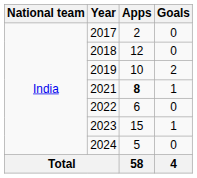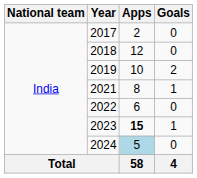 <table class="wikitable" style="text-align: center;">
 <tr>
 <th>National team</th>
 <th>Year</th>
 <th>Apps</th>
 <th>Goals</th>
 </tr>
 <tr>
 <td rowspan="7"><a href='#'>India</a></td>
 <td>2017</td>
 <td>2</td>
 <td>0</td>
 </tr>
 <tr>
 <td>2018</td>
 <td>12</td>
 <td>0</td>
 </tr>
 <tr>
 <td>2019</td>
 <td>10</td>
 <td>2</td>
 </tr>
 <tr>
 <td>2021</td>
-<td><strong>8</strong></td>
+<td>8</td>
 <td>1</td>
 </tr>
 <tr>
 <td>2022</td>
 <td>6</td>
 <td>0</td>
 </tr>
 <tr>
 <td>2023</td>
-<td>15</td>
+<td><strong>15</strong></td>
 <td>1</td>
 </tr>
 <tr>
 <td>2024</td>
-<td>5</td>
+<td style="background: lightblue;">5</td>
 <td>0</td>
 </tr>
 <tr>
 <th colspan="2">Total</th>
 <th>58</th>
 <th>4</th>
 </tr>
 </table>
